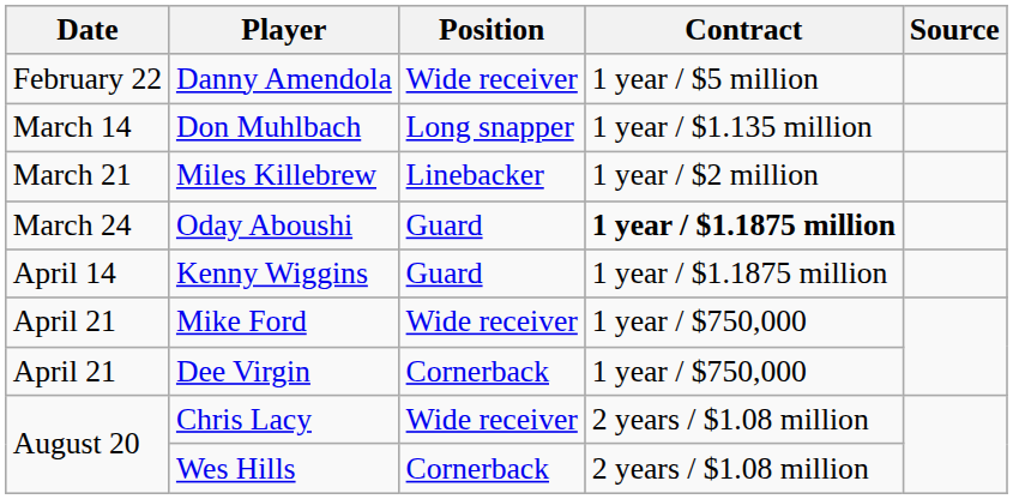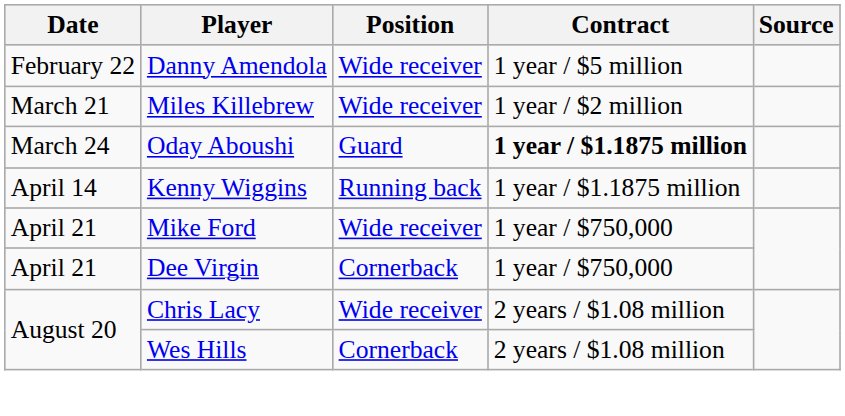 <table class="wikitable">
 <tr>
 <th>Date</th>
 <th>Player</th>
 <th>Position</th>
 <th>Contract</th>
 <th>Source</th>
 </tr>
 <tr>
 <td>February 22</td>
 <td><a href='#'>Danny Amendola</a></td>
 <td><a href='#'>Wide receiver</a></td>
 <td>1 year / $5 million</td>
 <td></td>
 </tr>
 <tr>
-<td>March 14</td>
-<td><a href='#'>Don Muhlbach</a></td>
-<td><a href='#'>Long snapper</a></td>
-<td>1 year / $1.135 million</td>
-<td></td>
-</tr>
-<tr>
 <td>March 21</td>
 <td><a href='#'>Miles Killebrew</a></td>
-<td><a href='#'>Linebacker</a></td>
+<td><a href='#'>Wide receiver</a></td>
 <td>1 year / $2 million</td>
 <td></td>
 </tr>
 <tr>
 <td>March 24</td>
 <td><a href='#'>Oday Aboushi</a></td>
 <td><a href='#'>Guard</a></td>
 <td><strong>1 year / $1.1875 million</strong></td>
 <td></td>
 </tr>
 <tr>
 <td>April 14</td>
 <td><a href='#'>Kenny Wiggins</a></td>
-<td><a href='#'>Guard</a></td>
+<td><a href='#'>Running back</a></td>
 <td>1 year / $1.1875 million</td>
 <td></td>
 </tr>
 <tr>
 <td>April 21</td>
 <td><a href='#'>Mike Ford</a></td>
 <td><a href='#'>Wide receiver</a></td>
 <td>1 year / $750,000</td>
 <td rowspan=2></td>
 </tr>
 <tr>
 <td>April 21</td>
 <td><a href='#'>Dee Virgin</a></td>
 <td><a href='#'>Cornerback</a></td>
 <td>1 year / $750,000</td>
 </tr>
 <tr>
 <td rowspan="2">August 20</td>
 <td><a href='#'>Chris Lacy</a></td>
 <td><a href='#'>Wide receiver</a></td>
 <td>2 years / $1.08 million</td>
 <td rowspan=2></td>
 </tr>
 <tr>
 <td><a href='#'>Wes Hills</a></td>
 <td><a href='#'>Cornerback</a></td>
 <td>2 years / $1.08 million</td>
 </tr>
 </table>
